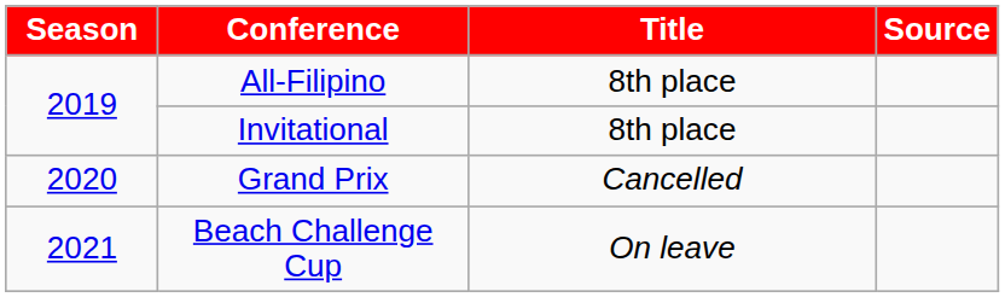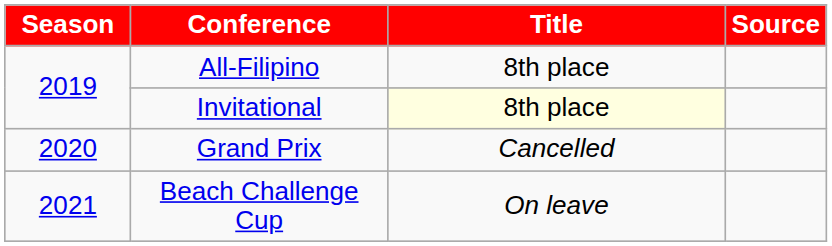 <table class="wikitable">
 <tr>
 <th width=70px style="background:#FF0000; color:#FFFFFF">Season</th>
 <th width=150px style="background:#FF0000; color:#FFFFFF">Conference</th>
 <th width=200px style="background:#FF0000; color:#FFFFFF">Title</th>
 <th width=50px style="background:#FF0000; color:#FFFFFF">Source</th>
 </tr>
 <tr align=center>
 <td rowspan=2><a href='#'>2019</a></td>
 <td><a href='#'>All-Filipino</a></td>
 <td>8th place</td>
 <td></td>
 </tr>
 <tr align=center>
 <td><a href='#'>Invitational</a></td>
-<td>8th place</td>
+<td style="background: lightyellow;">8th place</td>
 <td></td>
 </tr>
 <tr align=center>
 <td><a href='#'>2020</a></td>
 <td><a href='#'>Grand Prix</a></td>
 <td><em>Cancelled</em></td>
 <td></td>
 </tr>
 <tr align=center>
 <td><a href='#'>2021</a></td>
 <td><a href='#'>Beach Challenge Cup</a></td>
 <td><em>On leave</em></td>
 <td></td>
 </tr>
 </table>
